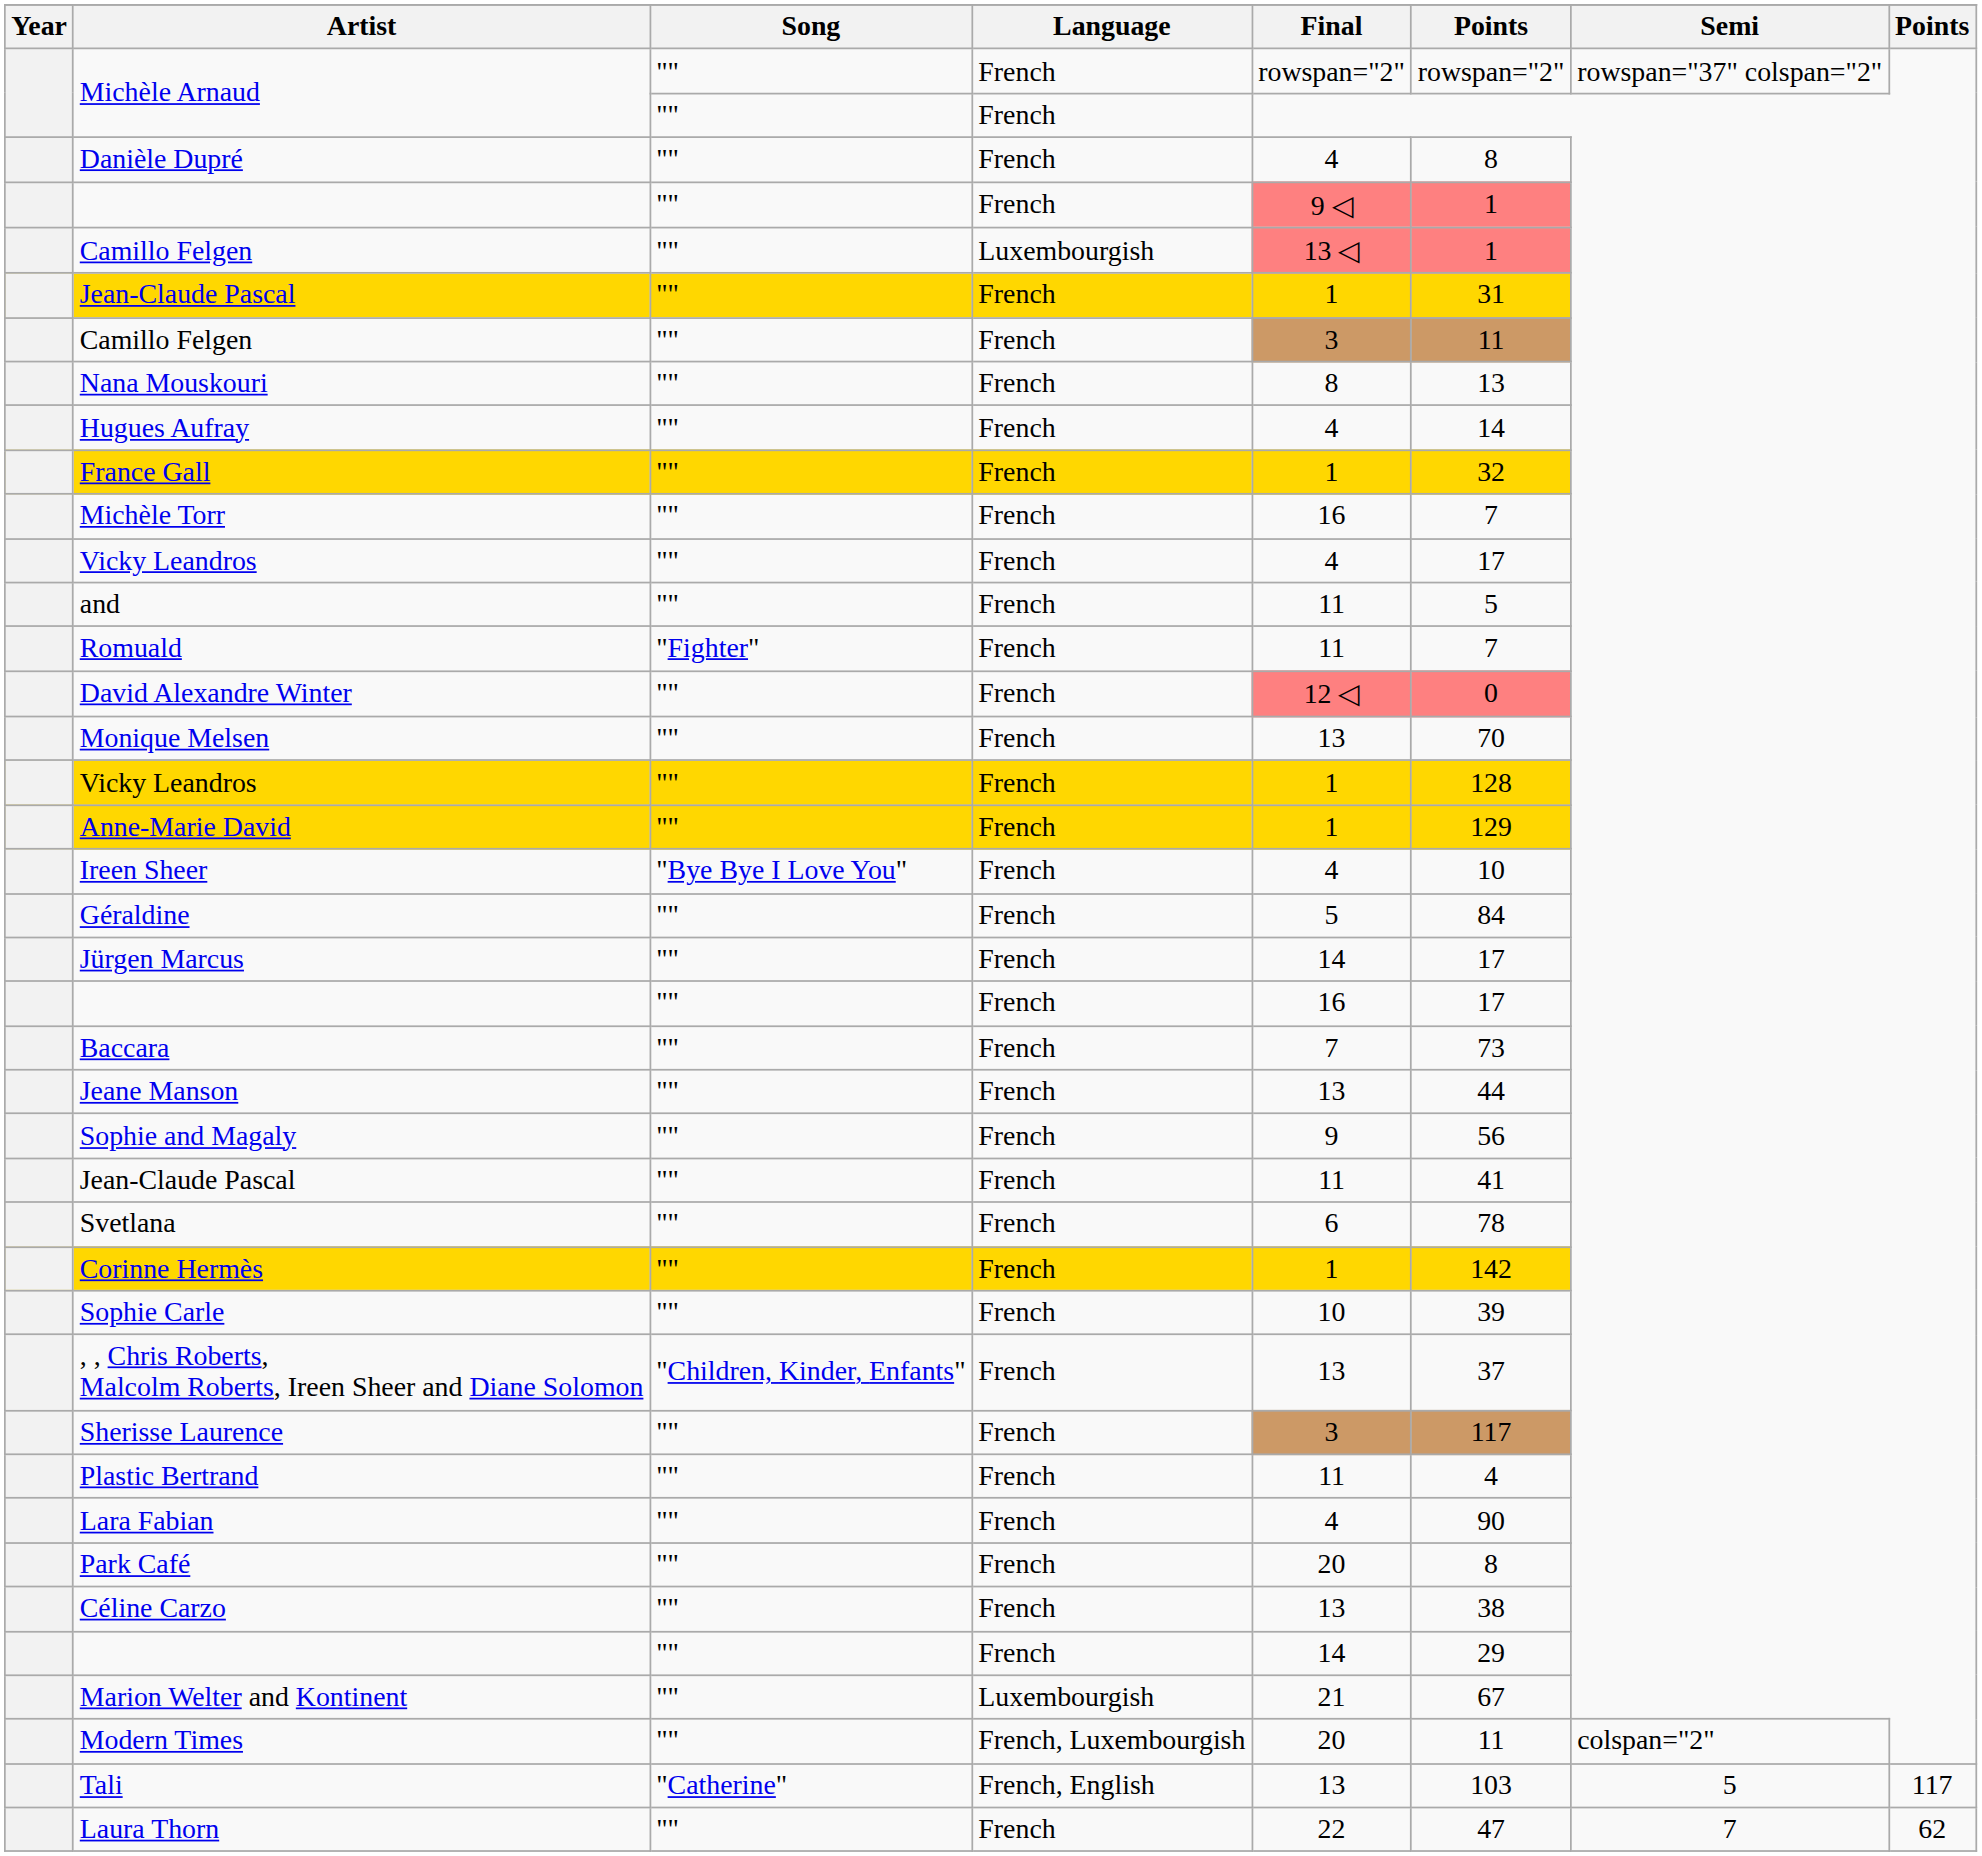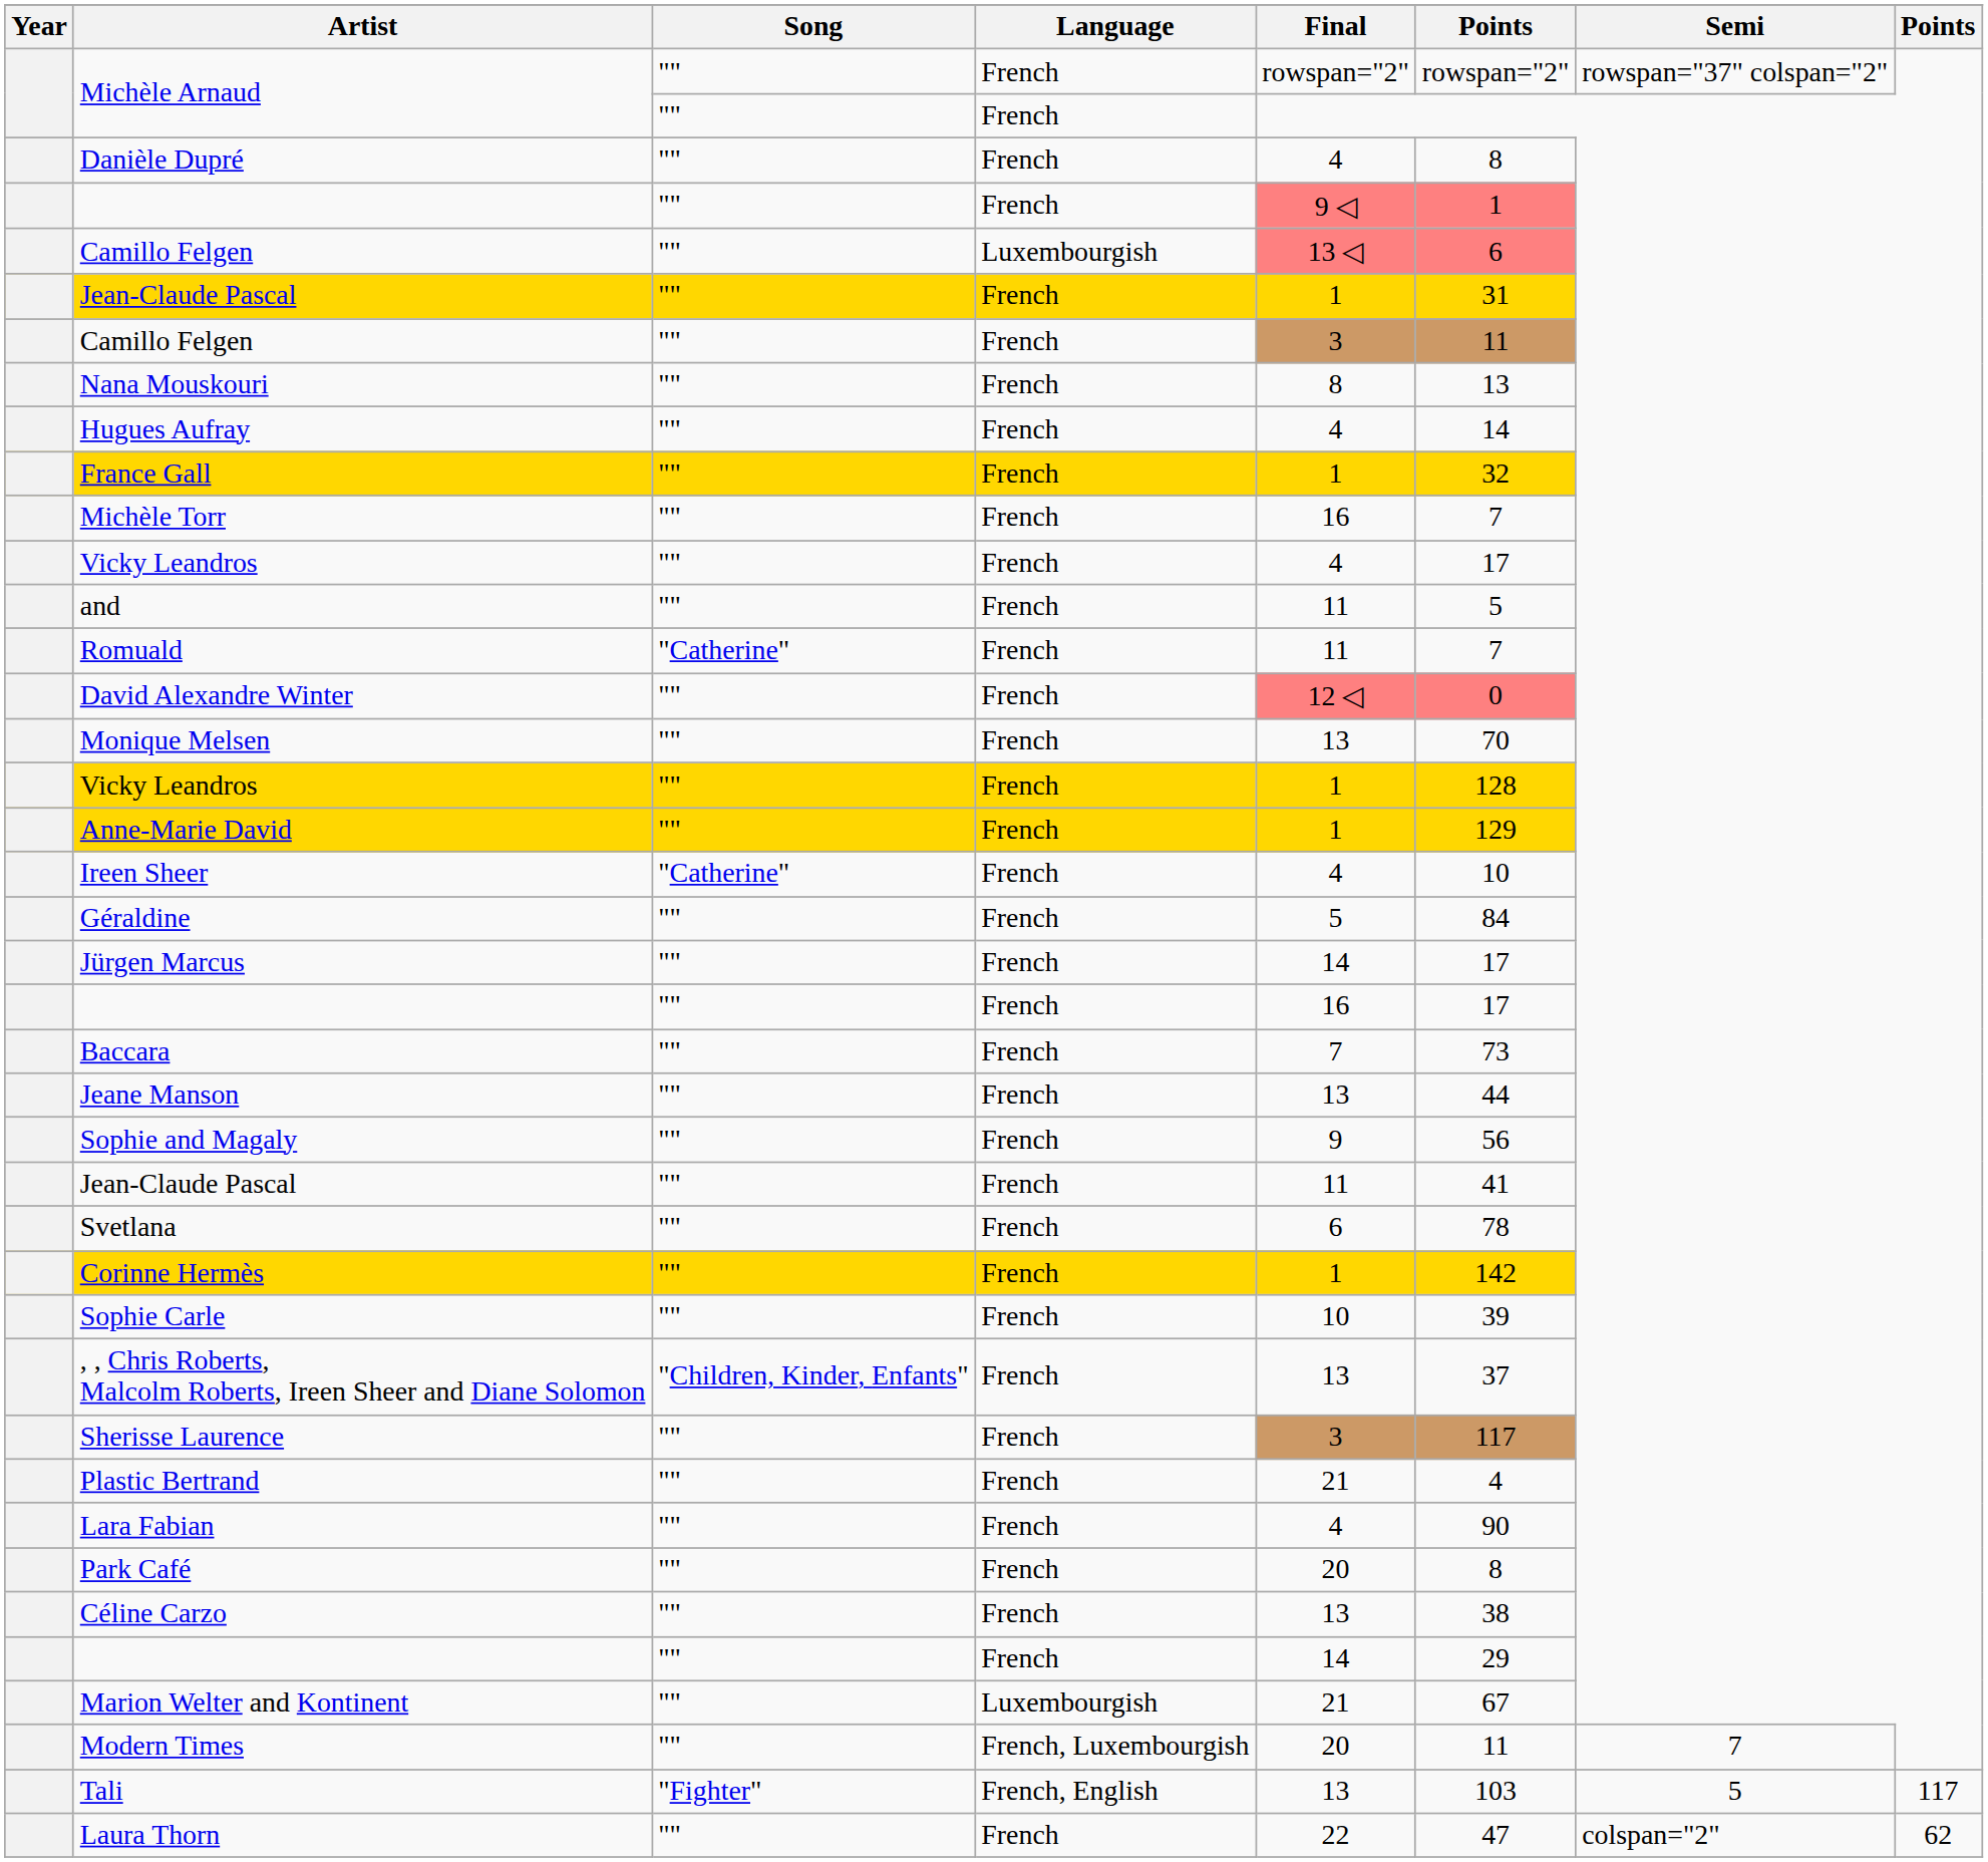 <table class="wikitable sortable plainrowheaders">
 <tr>
 </tr>
 <tr>
 <th scope="col">Year</th>
 <th scope="col">Artist</th>
 <th scope="col">Song</th>
 <th scope="col">Language</th>
 <th scope="col" data-sort-type="number">Final</th>
 <th scope="col" data-sort-type="number">Points</th>
 <th scope="col" data-sort-type="number">Semi</th>
 <th scope="col" data-sort-type="number">Points</th>
 </tr>
 <tr>
 <th scope="row" rowspan="2" style="text-align:center;"></th>
 <td rowspan="2"><a href='#'>Michèle Arnaud</a></td>
 <td>""</td>
 <td>French</td>
 <td>rowspan="2" </td>
 <td>rowspan="2" </td>
 <td>rowspan="37" colspan="2" </td>
 </tr>
 <tr>
 <td>""</td>
 <td>French</td>
 </tr>
 <tr>
 <th scope="row" style="text-align:center;"></th>
 <td><a href='#'>Danièle Dupré</a></td>
 <td>""</td>
 <td>French</td>
 <td style="text-align:center;">4</td>
 <td style="text-align:center;">8</td>
 </tr>
 <tr>
 <th scope="row" style="text-align:center;"></th>
 <td></td>
 <td>""</td>
 <td>French</td>
 <td style="text-align:center; background-color:#FE8080;">9 ◁</td>
 <td style="text-align:center; background-color:#FE8080;">1</td>
 </tr>
 <tr>
 <th scope="row" style="text-align:center;"></th>
 <td><a href='#'>Camillo Felgen</a></td>
 <td>""</td>
 <td>Luxembourgish</td>
 <td style="text-align:center; background-color:#FE8080;">13 ◁</td>
-<td style="text-align:center; background-color:#FE8080;">1</td>
+<td style="text-align:center; background-color:#FE8080;">6</td>
 </tr>
 <tr style="background-color:#FFD700;">
 <th scope="row" style="text-align:center;"></th>
 <td><a href='#'>Jean-Claude Pascal</a></td>
 <td>""</td>
 <td>French</td>
 <td style="text-align:center;">1</td>
 <td style="text-align:center;">31</td>
 </tr>
 <tr>
 <th scope="row" style="text-align:center;"></th>
 <td>Camillo Felgen</td>
 <td>""</td>
 <td>French</td>
 <td style="text-align:center; background-color:#C96;">3</td>
 <td style="text-align:center; background-color:#C96;">11</td>
 </tr>
 <tr>
 <th scope="row" style="text-align:center;"></th>
 <td><a href='#'>Nana Mouskouri</a></td>
 <td>""</td>
 <td>French</td>
 <td style="text-align:center;">8</td>
 <td style="text-align:center;">13</td>
 </tr>
 <tr>
 <th scope="row" style="text-align:center;"></th>
 <td><a href='#'>Hugues Aufray</a></td>
 <td>""</td>
 <td>French</td>
 <td style="text-align:center;">4</td>
 <td style="text-align:center;">14</td>
 </tr>
 <tr style="background-color:#FFD700;">
 <th scope="row" style="text-align:center;"></th>
 <td><a href='#'>France Gall</a></td>
 <td>""</td>
 <td>French</td>
 <td style="text-align:center;">1</td>
 <td style="text-align:center;">32</td>
 </tr>
 <tr>
 <th scope="row" style="text-align:center;"></th>
 <td><a href='#'>Michèle Torr</a></td>
 <td>""</td>
 <td>French</td>
 <td style="text-align:center;">16</td>
 <td style="text-align:center;">7</td>
 </tr>
 <tr>
 <th scope="row" style="text-align:center;"></th>
 <td><a href='#'>Vicky Leandros</a></td>
 <td>""</td>
 <td>French</td>
 <td style="text-align:center;">4</td>
 <td style="text-align:center;">17</td>
 </tr>
 <tr>
 <th scope="row" style="text-align:center;"></th>
 <td> and </td>
 <td>""</td>
 <td>French</td>
 <td style="text-align:center;">11</td>
 <td style="text-align:center;">5</td>
 </tr>
 <tr>
 <th scope="row" style="text-align:center;"></th>
 <td><a href='#'>Romuald</a></td>
-<td>"<a href='#'>Fighter</a>"</td>
+<td>"<a href='#'>Catherine</a>"</td>
 <td>French</td>
 <td style="text-align:center;">11</td>
 <td style="text-align:center;">7</td>
 </tr>
 <tr>
 <th scope="row" style="text-align:center;"></th>
 <td><a href='#'>David Alexandre Winter</a></td>
 <td>""</td>
 <td>French</td>
 <td style="text-align:center; background-color:#FE8080;">12 ◁</td>
 <td style="text-align:center; background-color:#FE8080;">0</td>
 </tr>
 <tr>
 <th scope="row" style="text-align:center;"></th>
 <td><a href='#'>Monique Melsen</a></td>
 <td>""</td>
 <td>French</td>
 <td style="text-align:center;">13</td>
 <td style="text-align:center;">70</td>
 </tr>
 <tr style="background-color:#FFD700;">
 <th scope="row" style="text-align:center;"></th>
 <td>Vicky Leandros</td>
 <td>""</td>
 <td>French</td>
 <td style="text-align:center;">1</td>
 <td style="text-align:center;">128</td>
 </tr>
 <tr style="background-color:#FFD700;">
 <th scope="row" style="text-align:center;"></th>
 <td><a href='#'>Anne-Marie David</a></td>
 <td>""</td>
 <td>French</td>
 <td style="text-align:center;">1</td>
 <td style="text-align:center;">129</td>
 </tr>
 <tr>
 <th scope="row" style="text-align:center;"></th>
 <td><a href='#'>Ireen Sheer</a></td>
-<td>"<a href='#'>Bye Bye I Love You</a>"</td>
+<td>"<a href='#'>Catherine</a>"</td>
 <td>French</td>
 <td style="text-align:center;">4</td>
 <td style="text-align:center;">10</td>
 </tr>
 <tr>
 <th scope="row" style="text-align:center;"></th>
 <td><a href='#'>Géraldine</a></td>
 <td>""</td>
 <td>French</td>
 <td style="text-align:center;">5</td>
 <td style="text-align:center;">84</td>
 </tr>
 <tr>
 <th scope="row" style="text-align:center;"></th>
 <td><a href='#'>Jürgen Marcus</a></td>
 <td>""</td>
 <td>French</td>
 <td style="text-align:center;">14</td>
 <td style="text-align:center;">17</td>
 </tr>
 <tr>
 <th scope="row" style="text-align:center;"></th>
 <td></td>
 <td>""</td>
 <td>French</td>
 <td style="text-align:center;">16</td>
 <td style="text-align:center;">17</td>
 </tr>
 <tr>
 <th scope="row" style="text-align:center;"></th>
 <td><a href='#'>Baccara</a></td>
 <td>""</td>
 <td>French</td>
 <td style="text-align:center;">7</td>
 <td style="text-align:center;">73</td>
 </tr>
 <tr>
 <th scope="row" style="text-align:center;"></th>
 <td><a href='#'>Jeane Manson</a></td>
 <td>""</td>
 <td>French</td>
 <td style="text-align:center;">13</td>
 <td style="text-align:center;">44</td>
 </tr>
 <tr>
 <th scope="row" style="text-align:center;"></th>
 <td><a href='#'>Sophie and Magaly</a></td>
 <td>""</td>
 <td>French</td>
 <td style="text-align:center;">9</td>
 <td style="text-align:center;">56</td>
 </tr>
 <tr>
 <th scope="row" style="text-align:center;"></th>
 <td>Jean-Claude Pascal</td>
 <td>""</td>
 <td>French</td>
 <td style="text-align:center;">11</td>
 <td style="text-align:center;">41</td>
 </tr>
 <tr>
 <th scope="row" style="text-align:center;"></th>
 <td>Svetlana</td>
 <td>""</td>
 <td>French</td>
 <td style="text-align:center;">6</td>
 <td style="text-align:center;">78</td>
 </tr>
 <tr style="background-color:#FFD700;">
 <th scope="row" style="text-align:center;"></th>
 <td><a href='#'>Corinne Hermès</a></td>
 <td>""</td>
 <td>French</td>
 <td style="text-align:center;">1</td>
 <td style="text-align:center;">142</td>
 </tr>
 <tr>
 <th scope="row" style="text-align:center;"></th>
 <td><a href='#'>Sophie Carle</a></td>
 <td>""</td>
 <td>French</td>
 <td style="text-align:center;">10</td>
 <td style="text-align:center;">39</td>
 </tr>
 <tr>
 <th scope="row" style="text-align:center;"></th>
 <td>, , <a href='#'>Chris Roberts</a>, <br><a href='#'>Malcolm Roberts</a>, Ireen Sheer and <a href='#'>Diane Solomon</a></td>
 <td>"<a href='#'>Children, <span>Kinder</span>, <span>Enfants</span></a>"</td>
 <td>French</td>
 <td style="text-align:center;">13</td>
 <td style="text-align:center;">37</td>
 </tr>
 <tr>
 <th scope="row" style="text-align:center;"></th>
 <td><a href='#'>Sherisse Laurence</a></td>
 <td>""</td>
 <td>French</td>
 <td style="text-align:center; background-color:#C96;">3</td>
 <td style="text-align:center; background-color:#C96;">117</td>
 </tr>
 <tr>
 <th scope="row" style="text-align:center;"></th>
 <td><a href='#'>Plastic Bertrand</a></td>
 <td>""</td>
 <td>French</td>
-<td style="text-align:center;">11</td>
+<td style="text-align:center;">21</td>
 <td style="text-align:center;">4</td>
 </tr>
 <tr>
 <th scope="row" style="text-align:center;"></th>
 <td><a href='#'>Lara Fabian</a></td>
 <td>""</td>
 <td>French</td>
 <td style="text-align:center;">4</td>
 <td style="text-align:center;">90</td>
 </tr>
 <tr>
 <th scope="row" style="text-align:center;"></th>
 <td><a href='#'>Park Café</a></td>
 <td>""</td>
 <td>French</td>
 <td style="text-align:center;">20</td>
 <td style="text-align:center;">8</td>
 </tr>
 <tr>
 <th scope="row" style="text-align:center;"></th>
 <td><a href='#'>Céline Carzo</a></td>
 <td>""</td>
 <td>French</td>
 <td style="text-align:center;">13</td>
 <td style="text-align:center;">38</td>
 </tr>
 <tr>
 <th scope="row" style="text-align:center;"></th>
 <td></td>
 <td>""</td>
 <td>French</td>
 <td style="text-align:center;">14</td>
 <td style="text-align:center;">29</td>
 </tr>
 <tr>
 <th scope="row" style="text-align:center;"></th>
 <td><a href='#'>Marion Welter</a> and <a href='#'>Kontinent</a></td>
 <td>""</td>
 <td>Luxembourgish</td>
 <td style="text-align:center;">21</td>
 <td style="text-align:center;">67</td>
 </tr>
 <tr>
 <th scope="row" style="text-align:center;"></th>
 <td><a href='#'>Modern Times</a></td>
 <td>""</td>
 <td>French, Luxembourgish</td>
 <td style="text-align:center;">20</td>
 <td style="text-align:center;">11</td>
-<td>colspan="2" </td>
+<td style="text-align:center;">7</td>
 </tr>
 <tr>
 <th scope="row" style="text-align:center;"></th>
 <td><a href='#'>Tali</a></td>
-<td>"<a href='#'>Catherine</a>"</td>
+<td>"<a href='#'>Fighter</a>"</td>
 <td>French, English</td>
 <td style="text-align:center;">13</td>
 <td style="text-align:center;">103</td>
 <td style="text-align:center;">5</td>
 <td style="text-align:center;">117</td>
 </tr>
 <tr>
 <th scope="row" style="text-align:center;"></th>
 <td><a href='#'>Laura Thorn</a></td>
 <td>""</td>
 <td>French</td>
 <td style="text-align:center;">22</td>
 <td style="text-align:center;">47</td>
-<td style="text-align:center;">7</td>
+<td>colspan="2" </td>
 <td style="text-align:center;">62</td>
 </tr>
 </table>
